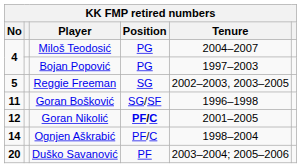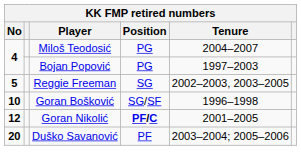 <table class="wikitable sortable" style="text-align:center; font-size:95%;">
 <tr>
 <th colspan=6>KK FMP retired numbers</th>
 </tr>
 <tr>
 <th>No</th>
 <th></th>
 <th>Player</th>
 <th>Position</th>
 <th>Tenure</th>
 <th></th>
 </tr>
 <tr>
 <td rowspan=2><strong>4</strong></td>
 <td></td>
 <td><a href='#'>Miloš Teodosić</a></td>
 <td><a href='#'>PG</a></td>
 <td>2004–2007</td>
 <td></td>
 </tr>
 <tr>
 <td></td>
 <td><a href='#'>Bojan Popović</a></td>
 <td><a href='#'>PG</a></td>
 <td>1997–2003</td>
 <td></td>
 </tr>
 <tr>
 <td><strong>5</strong></td>
 <td></td>
 <td><a href='#'>Reggie Freeman</a></td>
 <td><a href='#'>SG</a></td>
 <td>2002–2003, 2003–2005</td>
 <td></td>
 </tr>
 <tr>
-<td><strong>11</strong></td>
+<td><strong>10</strong></td>
 <td></td>
 <td><a href='#'>Goran Bošković</a></td>
 <td><a href='#'>SG</a>/<a href='#'>SF</a></td>
 <td>1996–1998</td>
 <td></td>
 </tr>
 <tr>
 <td><strong>12</strong></td>
 <td></td>
 <td><a href='#'>Goran Nikolić</a></td>
 <td><strong><a href='#'>PF</a>/<a href='#'>C</a></strong></td>
 <td>2001–2005</td>
 <td></td>
 </tr>
 <tr>
-<td><strong>14</strong></td>
-<td></td>
-<td><a href='#'>Ognjen Aškrabić</a></td>
-<td><a href='#'>PF</a>/<a href='#'>C</a></td>
-<td>1998–2004</td>
-<td></td>
-</tr>
-<tr>
 <td><strong>20</strong></td>
 <td></td>
 <td><a href='#'>Duško Savanović</a></td>
 <td><a href='#'>PF</a></td>
 <td>2003–2004; 2005–2006</td>
 <td></td>
 </tr>
 </table>
